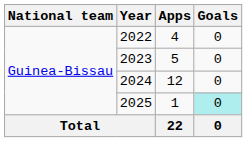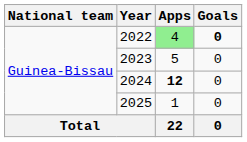 <table class="wikitable" style="text-align:center">
 <tr>
 <th>National team</th>
 <th>Year</th>
 <th>Apps</th>
 <th>Goals</th>
 </tr>
 <tr>
 <td rowspan="4"><a href='#'>Guinea-Bissau</a></td>
 <td>2022</td>
-<td>4</td>
-<td>0</td>
+<td style="background: lightgreen;">4</td>
+<td><strong>0</strong></td>
 </tr>
 <tr>
 <td>2023</td>
 <td>5</td>
 <td>0</td>
 </tr>
 <tr>
 <td>2024</td>
-<td>12</td>
+<td><strong>12</strong></td>
 <td>0</td>
 </tr>
 <tr>
 <td>2025</td>
 <td>1</td>
-<td style="background: paleturquoise;">0</td>
+<td>0</td>
 </tr>
 <tr>
 <th colspan="2">Total</th>
 <th>22</th>
 <th>0</th>
 </tr>
 </table>
